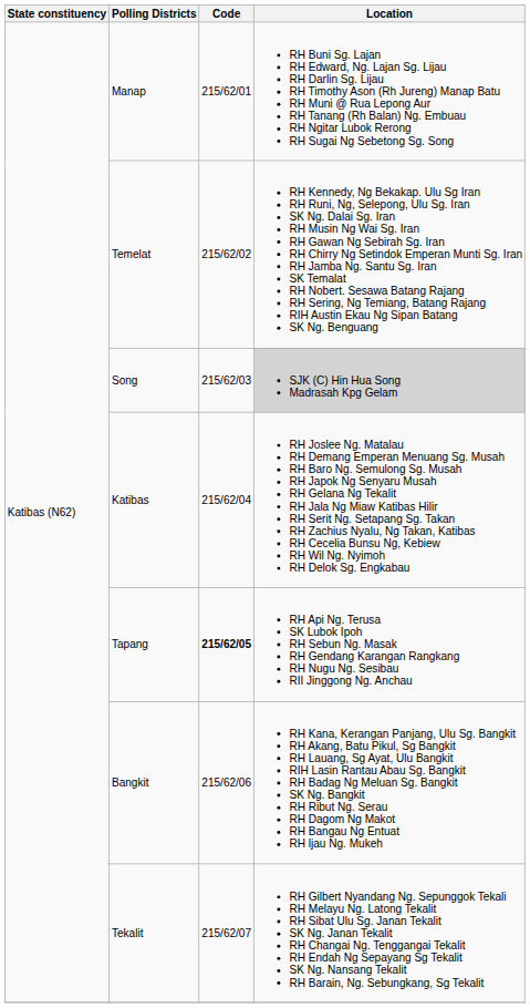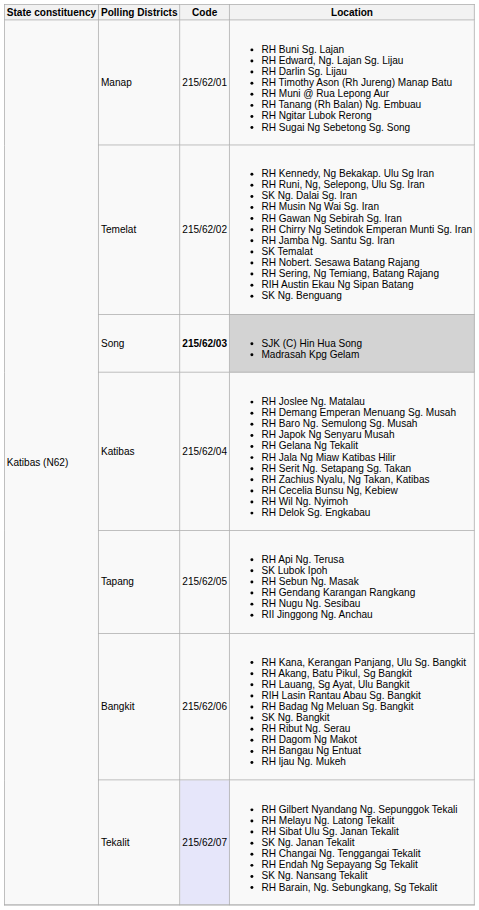 <table class="wikitable sortable mw-collapsible" style="white-space:nowrap;font-size:85%">
 <tr>
 <th>State constituency</th>
 <th>Polling Districts</th>
 <th>Code</th>
 <th>Location</th>
 </tr>
 <tr>
 <td rowspan="7">Katibas (N62)</td>
 <td>Manap</td>
 <td>215/62/01</td>
 <td><br><ul><li>RH Buni Sg. Lajan</li><li>RH Edward, Ng. Lajan Sg. Lijau</li><li>RH Darlin Sg. Lijau</li><li>RH Timothy Ason (Rh Jureng) Manap Batu</li><li>RH Muni @ Rua Lepong Aur</li><li>RH Tanang (Rh Balan) Ng. Embuau</li><li>RH Ngitar Lubok Rerong</li><li>RH Sugai Ng Sebetong Sg. Song</li></ul></td>
 </tr>
 <tr>
 <td>Temelat</td>
 <td>215/62/02</td>
 <td><br><ul><li>RH Kennedy, Ng Bekakap. Ulu Sg Iran</li><li>RH Runi, Ng, Selepong, Ulu Sg. Iran</li><li>SK Ng. Dalai Sg. Iran</li><li>RH Musin Ng Wai Sg. Iran</li><li>RH Gawan Ng Sebirah Sg. Iran</li><li>RH Chirry Ng Setindok Emperan Munti Sg. Iran</li><li>RH Jamba Ng. Santu Sg. Iran</li><li>SK Temalat</li><li>RH Nobert. Sesawa Batang Rajang</li><li>RH Sering, Ng Temiang, Batang Rajang</li><li>RIH Austin Ekau Ng Sipan Batang</li><li>SK Ng. Benguang</li></ul></td>
 </tr>
 <tr>
 <td>Song</td>
-<td>215/62/03</td>
+<td><strong>215/62/03</strong></td>
 <td style="background: lightgrey;"><br><ul><li>SJK (C) Hin Hua Song</li><li>Madrasah Kpg Gelam</li></ul></td>
 </tr>
 <tr>
 <td>Katibas</td>
 <td>215/62/04</td>
 <td><br><ul><li>RH Joslee Ng. Matalau</li><li>RH Demang Emperan Menuang Sg. Musah</li><li>RH Baro Ng. Semulong Sg. Musah</li><li>RH Japok Ng Senyaru Musah</li><li>RH Gelana Ng Tekalit</li><li>RH Jala Ng Miaw Katibas Hilir</li><li>RH Serit Ng. Setapang Sg. Takan</li><li>RH Zachius Nyalu, Ng Takan, Katibas</li><li>RH Cecelia Bunsu Ng, Kebiew</li><li>RH Wil Ng. Nyimoh</li><li>RH Delok Sg. Engkabau</li></ul></td>
 </tr>
 <tr>
 <td>Tapang</td>
-<td><strong>215/62/05</strong></td>
+<td>215/62/05</td>
 <td><br><ul><li>RH Api Ng. Terusa</li><li>SK Lubok Ipoh</li><li>RH Sebun Ng. Masak</li><li>RH Gendang Karangan Rangkang</li><li>RH Nugu Ng. Sesibau</li><li>RII Jinggong Ng. Anchau</li></ul></td>
 </tr>
 <tr>
 <td>Bangkit</td>
 <td>215/62/06</td>
 <td><br><ul><li>RH Kana, Kerangan Panjang, Ulu Sg. Bangkit</li><li>RH Akang, Batu Pikul, Sg Bangkit</li><li>RH Lauang, Sg Ayat, Ulu Bangkit</li><li>RIH Lasin Rantau Abau Sg. Bangkit</li><li>RH Badag Ng Meluan Sg. Bangkit</li><li>SK Ng. Bangkit</li><li>RH Ribut Ng. Serau</li><li>RH Dagom Ng Makot</li><li>RH Bangau Ng Entuat</li><li>RH ljau Ng. Mukeh</li></ul></td>
 </tr>
 <tr>
 <td>Tekalit</td>
-<td>215/62/07</td>
+<td style="background: lavender;">215/62/07</td>
 <td><br><ul><li>RH Gilbert Nyandang Ng. Sepunggok Tekali</li><li>RH Melayu Ng. Latong Tekalit</li><li>RH Sibat Ulu Sg. Janan Tekalit</li><li>SK Ng. Janan Tekalit</li><li>RH Changai Ng. Tenggangai Tekalit</li><li>RH Endah Ng Sepayang Sg Tekalit</li><li>SK Ng. Nansang Tekalit</li><li>RH Barain, Ng. Sebungkang, Sg Tekalit</li></ul></td>
 </tr>
 <tr>
 </tr>
 </table>
